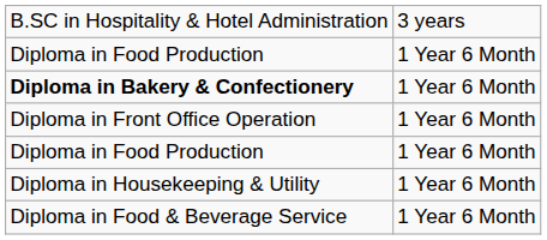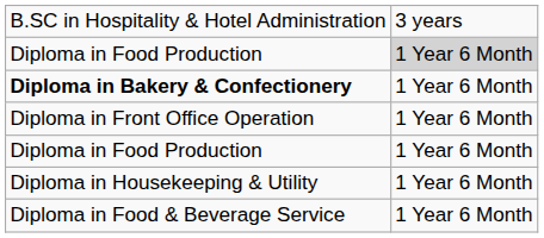 <table class="wikitable">
 <tr>
 <td>B.SC in Hospitality & Hotel Administration</td>
 <td>3 years</td>
 </tr>
 <tr>
 <td>Diploma in Food Production</td>
-<td>1 Year 6 Month</td>
+<td style="background: lightgrey;">1 Year 6 Month</td>
 </tr>
 <tr>
 <td><strong>Diploma in Bakery & Confectionery</strong></td>
 <td>1 Year 6 Month</td>
 </tr>
 <tr>
 <td>Diploma in Front Office Operation</td>
 <td>1 Year 6 Month</td>
 </tr>
 <tr>
 <td>Diploma in Food Production</td>
 <td>1 Year 6 Month</td>
 </tr>
 <tr>
 <td>Diploma in Housekeeping & Utility</td>
 <td>1 Year 6 Month</td>
 </tr>
 <tr>
 <td>Diploma in Food & Beverage Service</td>
 <td>1 Year 6 Month</td>
 </tr>
 </table>
